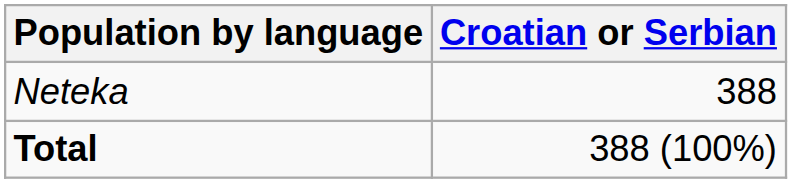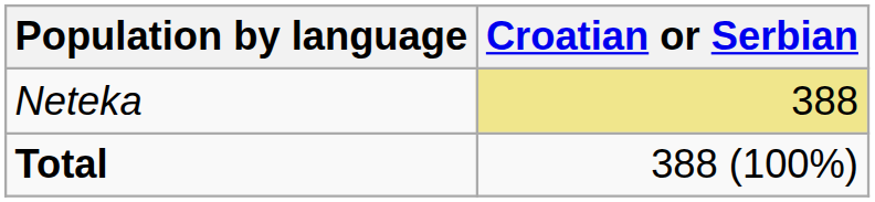 <table class="wikitable sortable">
 <tr>
 <th>Population by language</th>
 <th><a href='#'>Croatian</a> or <a href='#'>Serbian</a></th>
 </tr>
 <tr>
 <td><em>Neteka</em></td>
-<td align="right">388</td>
+<td align="right" style="background: khaki;">388</td>
 </tr>
 <tr>
 <td><strong>Total</strong></td>
 <td align="right">388 (100%)</td>
 </tr>
 </table>
